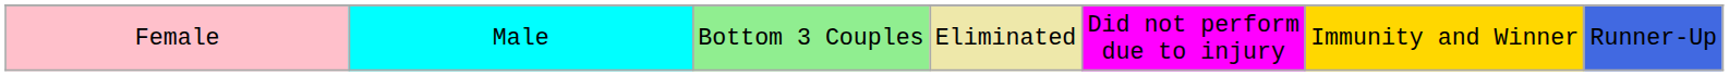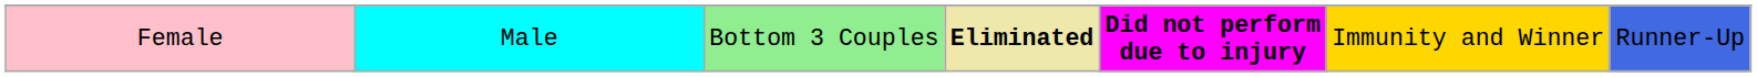 <table class="wikitable" style="margin:1em auto; text-align:center;">
 <tr>
 </tr>
 <tr>
 <td style="background:pink;" width="20%">Female</td>
 <td style="background:cyan;" width="20%">Male</td>
 <td style="background:lightgreen;">Bottom 3 Couples</td>
-<td style="background:palegoldenrod;">Eliminated</td>
-<td style="background:fuchsia;" align="center">Did not perform<br>due to injury</td>
+<td style="background:palegoldenrod;"><strong>Eliminated</strong></td>
+<td style="background:fuchsia;" align="center"><strong>Did not perform<br>due to injury</strong></td>
 <td style="background:gold;">Immunity and Winner</td>
 <td style="background:royalblue;">Runner-Up</td>
 </tr>
 </table>
